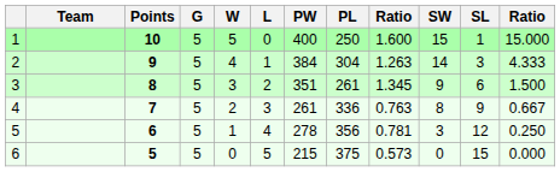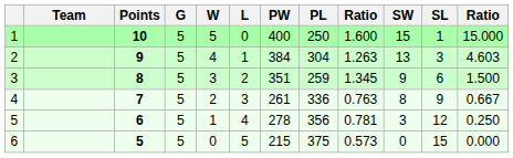 <table class=wikitable style="text-align:center">
 <tr bgcolor="#DCDCDC">
 <th width="25"></th>
 <th width="200">Team</th>
 <th width="60">Points</th>
 <th width="60">G</th>
 <th width="60">W</th>
 <th width="60">L</th>
 <th width="60">PW</th>
 <th width="60">PL</th>
 <th width="60">Ratio</th>
 <th width="60">SW</th>
 <th width="60">SL</th>
 <th width="60">Ratio</th>
 </tr>
 <tr bgcolor=#aaffaa>
 <td>1</td>
 <td align=left></td>
 <td><strong>10</strong></td>
 <td>5</td>
 <td>5</td>
 <td>0</td>
 <td>400</td>
 <td>250</td>
 <td>1.600</td>
 <td>15</td>
 <td>1</td>
 <td>15.000</td>
 </tr>
 <tr bgcolor=#ccffcc>
 <td>2</td>
 <td align=left></td>
 <td><strong>9</strong></td>
 <td>5</td>
 <td>4</td>
 <td>1</td>
 <td>384</td>
 <td>304</td>
 <td>1.263</td>
-<td>14</td>
+<td>13</td>
 <td>3</td>
-<td>4.333</td>
+<td>4.603</td>
 </tr>
 <tr bgcolor=#ccffcc>
 <td>3</td>
 <td align=left></td>
 <td><strong>8</strong></td>
 <td>5</td>
 <td>3</td>
 <td>2</td>
 <td>351</td>
-<td>261</td>
+<td>259</td>
 <td>1.345</td>
 <td>9</td>
 <td>6</td>
 <td>1.500</td>
 </tr>
 <tr bgcolor=#eeffee>
 <td>4</td>
 <td align=left></td>
 <td><strong>7</strong></td>
 <td>5</td>
 <td>2</td>
 <td>3</td>
 <td>261</td>
 <td>336</td>
 <td>0.763</td>
 <td>8</td>
 <td>9</td>
 <td>0.667</td>
 </tr>
 <tr bgcolor=#eeffee>
 <td>5</td>
 <td align=left></td>
 <td><strong>6</strong></td>
 <td>5</td>
 <td>1</td>
 <td>4</td>
 <td>278</td>
 <td>356</td>
 <td>0.781</td>
 <td>3</td>
 <td>12</td>
 <td>0.250</td>
 </tr>
 <tr bgcolor=#eeffee>
 <td>6</td>
 <td align=left></td>
 <td><strong>5</strong></td>
 <td>5</td>
 <td>0</td>
 <td>5</td>
 <td>215</td>
 <td>375</td>
 <td>0.573</td>
 <td>0</td>
 <td>15</td>
 <td>0.000</td>
 </tr>
 </table>
